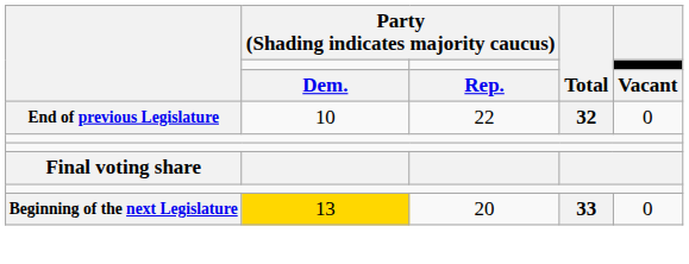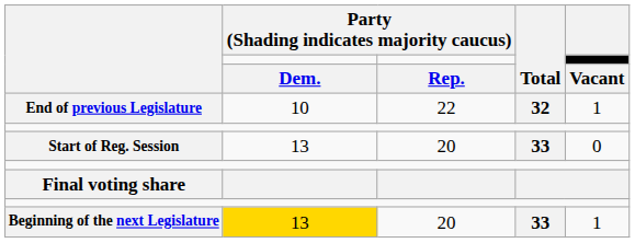 <table class=wikitable style="text-align:center">
 <tr style="vertical-align:bottom;">
 <th rowspan=3></th>
 <th colspan=2>Party <div>(Shading indicates majority caucus)</div></th>
 <th rowspan=3>Total</th>
 <th></th>
 </tr>
 <tr style="height:5px">
 <td style="background-color:"></td>
 <td style="background-color:"></td>
 <td style="background:black;"></td>
 </tr>
 <tr>
 <th><a href='#'>Dem.</a></th>
 <th><a href='#'>Rep.</a></th>
 <th>Vacant</th>
 </tr>
 <tr>
 <th style="font-size:80%;">End of <a href='#'>previous Legislature</a></th>
 <td>10</td>
 <td>22</td>
 <th>32</th>
-<td>0</td>
+<td>1</td>
 </tr>
 <tr>
 <td colspan=5></td>
+</tr>
+<tr>
+<th style="font-size:80%;">Start of Reg. Session</th>
+<td>13</td>
+<td>20</td>
+<th>33</th>
+<td>0</td>
 </tr>
 <tr>
 <td colspan=5></td>
 </tr>
 <tr>
 <th>Final voting share</th>
 <th></th>
 <th></th>
 <th colspan=2></th>
 </tr>
 <tr>
 <td colspan=5></td>
 </tr>
 <tr>
 <th style="font-size:80%;">Beginning of the <a href='#'>next Legislature</a></th>
 <td style="background: gold;">13</td>
 <td>20</td>
 <th>33</th>
-<td>0</td>
+<td>1</td>
 </tr>
 </table>
